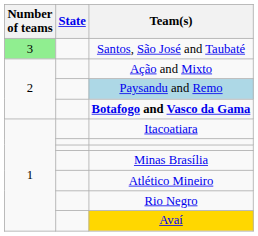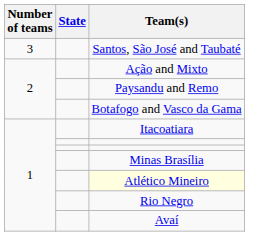 <table class="wikitable" style="text-align:center">
 <tr>
 <th>Number<br>of teams</th>
 <th><a href='#'>State</a></th>
 <th>Team(s)</th>
 </tr>
 <tr>
-<td style="background: lightgreen;">3</td>
+<td>3</td>
 <td align=left></td>
 <td><a href='#'>Santos</a>, <a href='#'>São José</a> and <a href='#'>Taubaté</a></td>
 </tr>
 <tr>
 <td rowspan=3>2</td>
 <td align=left></td>
 <td><a href='#'>Ação</a> and <a href='#'>Mixto</a></td>
 </tr>
 <tr>
 <td align=left></td>
-<td style="background: lightblue;"><a href='#'>Paysandu</a> and <a href='#'>Remo</a></td>
+<td><a href='#'>Paysandu</a> and <a href='#'>Remo</a></td>
 </tr>
 <tr>
 <td align=left></td>
-<td><strong><a href='#'>Botafogo</a> and <a href='#'>Vasco da Gama</a></strong></td>
+<td><a href='#'>Botafogo</a> and <a href='#'>Vasco da Gama</a></td>
 </tr>
 <tr>
 <td rowspan=7>1</td>
 <td align=left></td>
 <td><a href='#'>Itacoatiara</a></td>
 </tr>
 <tr>
 <td align=left></td>
 <td></td>
 </tr>
 <tr>
 <td align=left></td>
 <td></td>
 </tr>
 <tr>
 <td align=left></td>
 <td><a href='#'>Minas Brasília</a></td>
 </tr>
 <tr>
 <td align=left></td>
-<td><a href='#'>Atlético Mineiro</a></td>
+<td style="background: lightyellow;"><a href='#'>Atlético Mineiro</a></td>
 </tr>
 <tr>
 <td align=left></td>
 <td><a href='#'>Rio Negro</a></td>
 </tr>
 <tr>
 <td align=left></td>
-<td style="background: gold;"><a href='#'>Avaí</a></td>
+<td><a href='#'>Avaí</a></td>
 </tr>
 </table>
